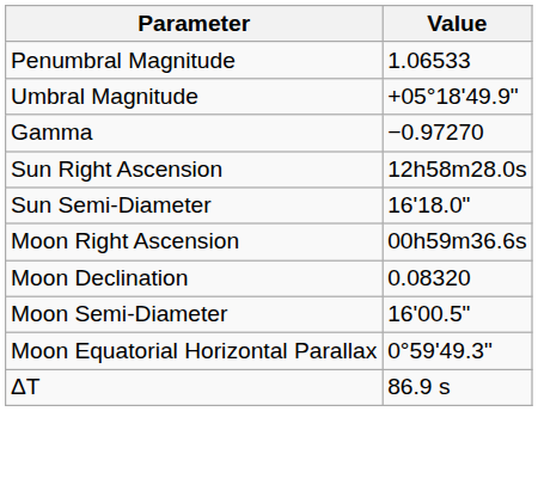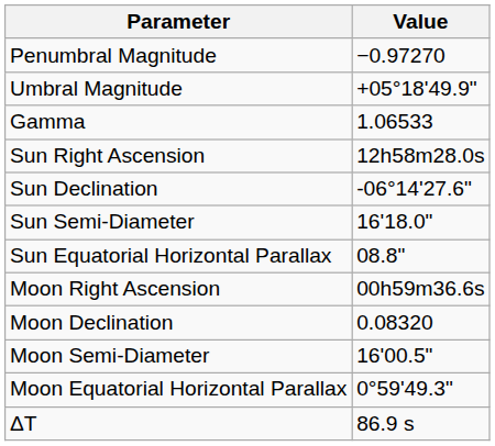 <table class="wikitable">
 <tr>
 <th>Parameter</th>
 <th>Value</th>
 </tr>
 <tr>
 <td>Penumbral Magnitude</td>
-<td>1.06533</td>
+<td>−0.97270</td>
 </tr>
 <tr>
 <td>Umbral Magnitude</td>
 <td>+05°18'49.9"</td>
 </tr>
 <tr>
 <td>Gamma</td>
-<td>−0.97270</td>
+<td>1.06533</td>
 </tr>
 <tr>
 <td>Sun Right Ascension</td>
 <td>12h58m28.0s</td>
 </tr>
 <tr>
+<td>Sun Declination</td>
+<td>-06°14'27.6"</td>
+</tr>
+<tr>
 <td>Sun Semi-Diameter</td>
 <td>16'18.0"</td>
+</tr>
+<tr>
+<td>Sun Equatorial Horizontal Parallax</td>
+<td>08.8"</td>
 </tr>
 <tr>
 <td>Moon Right Ascension</td>
 <td>00h59m36.6s</td>
 </tr>
 <tr>
 <td>Moon Declination</td>
 <td>0.08320</td>
 </tr>
 <tr>
 <td>Moon Semi-Diameter</td>
 <td>16'00.5"</td>
 </tr>
 <tr>
 <td>Moon Equatorial Horizontal Parallax</td>
 <td>0°59'49.3"</td>
 </tr>
 <tr>
 <td>ΔT</td>
 <td>86.9 s</td>
 </tr>
 </table>
